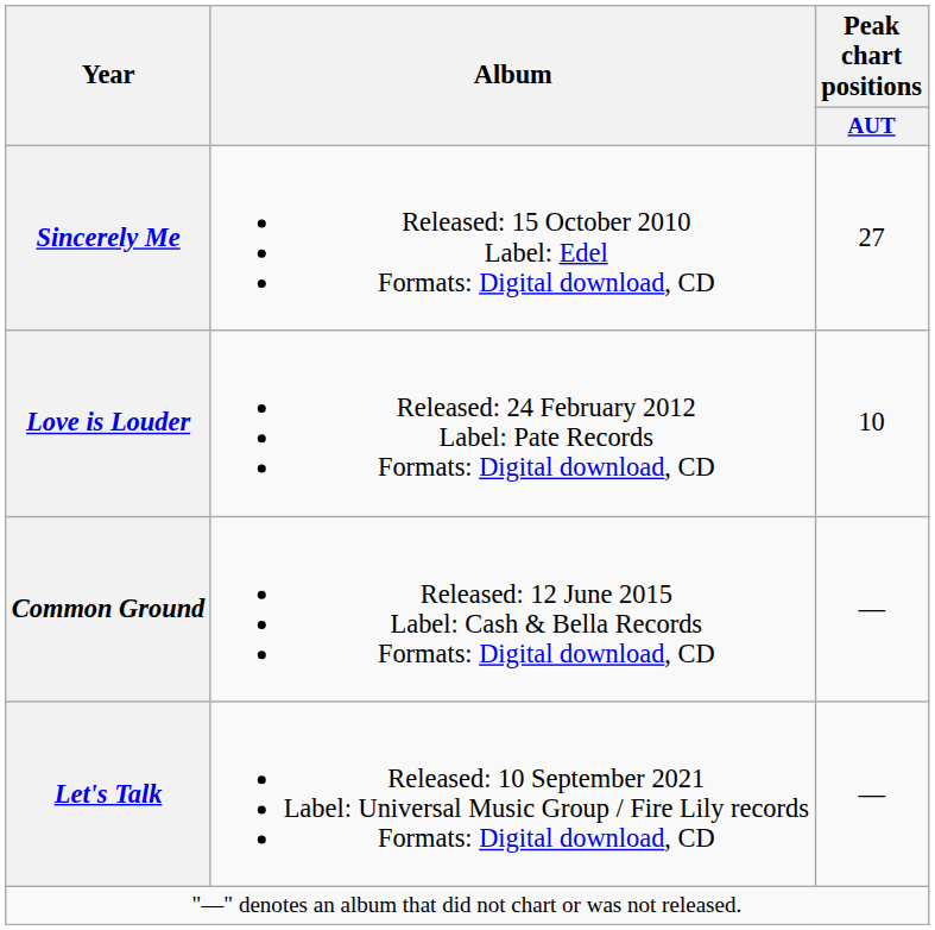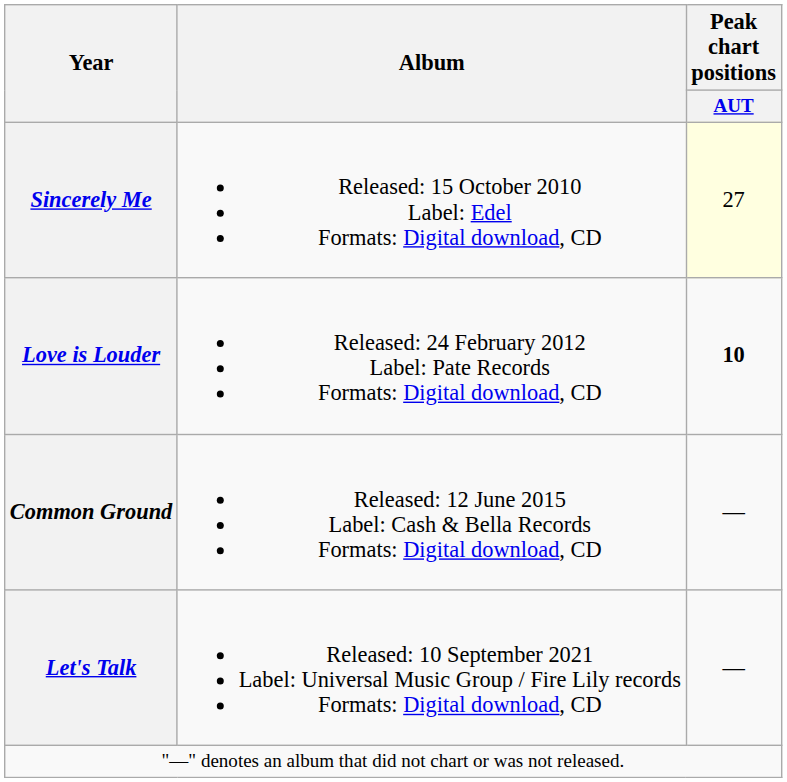 <table class="wikitable plainrowheaders" style="text-align:center;">
 <tr>
 <th scope="col" rowspan="2">Year</th>
 <th scope="col" rowspan="2">Album</th>
 <th scope="col" colspan="1">Peak chart positions</th>
 </tr>
 <tr>
 <th scope="col" style="width:3em;font-size:85%;"><a href='#'>AUT</a><br></th>
 </tr>
 <tr>
 <th scope="row"><em><a href='#'>Sincerely Me</a></em></th>
 <td><br><ul><li>Released: 15 October 2010</li><li>Label: <a href='#'>Edel</a></li><li>Formats: <a href='#'>Digital download</a>, CD</li></ul></td>
-<td>27</td>
+<td style="background: lightyellow;">27</td>
 </tr>
 <tr>
 <th scope="row"><em><a href='#'>Love is Louder</a></em></th>
 <td><br><ul><li>Released: 24 February 2012</li><li>Label: Pate Records</li><li>Formats: <a href='#'>Digital download</a>, CD</li></ul></td>
-<td>10</td>
+<td><strong>10</strong></td>
 </tr>
 <tr>
 <th scope="row"><em>Common Ground</em></th>
 <td><br><ul><li>Released: 12 June 2015</li><li>Label: Cash & Bella Records</li><li>Formats: <a href='#'>Digital download</a>, CD</li></ul></td>
 <td>—</td>
 </tr>
 <tr>
 <th scope="row"><em><a href='#'>Let's Talk</a></em></th>
 <td><br><ul><li>Released: 10 September 2021</li><li>Label: Universal Music Group / Fire Lily records</li><li>Formats: <a href='#'>Digital download</a>, CD</li></ul></td>
 <td>—</td>
 </tr>
 <tr>
 <td colspan="20" style="text-align:center; font-size:85%;">"—" denotes an album that did not chart or was not released.</td>
 </tr>
 </table>
